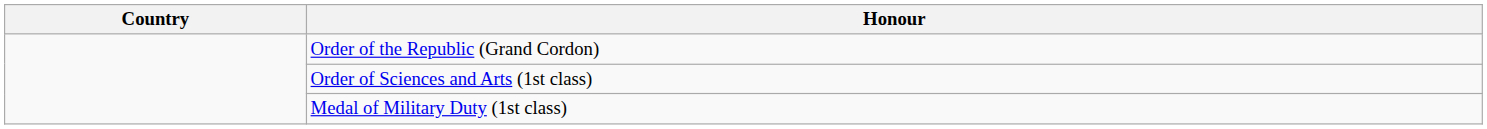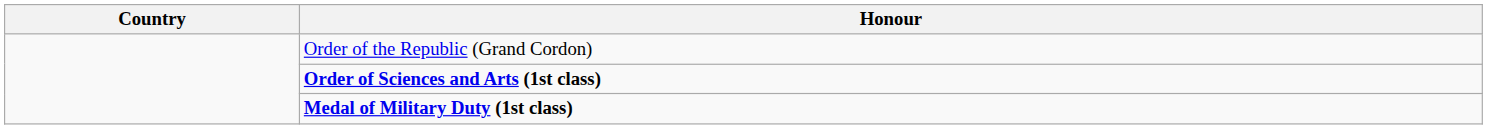 <table class="wikitable" style="width:100%;">
 <tr>
 <th>Country</th>
 <th>Honour</th>
 </tr>
 <tr>
 <td rowspan="3"></td>
 <td><a href='#'>Order of the Republic</a> (Grand Cordon)</td>
 </tr>
 <tr>
-<td><a href='#'>Order of Sciences and Arts</a> (1st class)</td>
+<td><strong><a href='#'>Order of Sciences and Arts</a> (1st class)</strong></td>
 </tr>
 <tr>
-<td><a href='#'>Medal of Military Duty</a> (1st class)</td>
+<td><strong><a href='#'>Medal of Military Duty</a> (1st class)</strong></td>
 </tr>
 </table>
